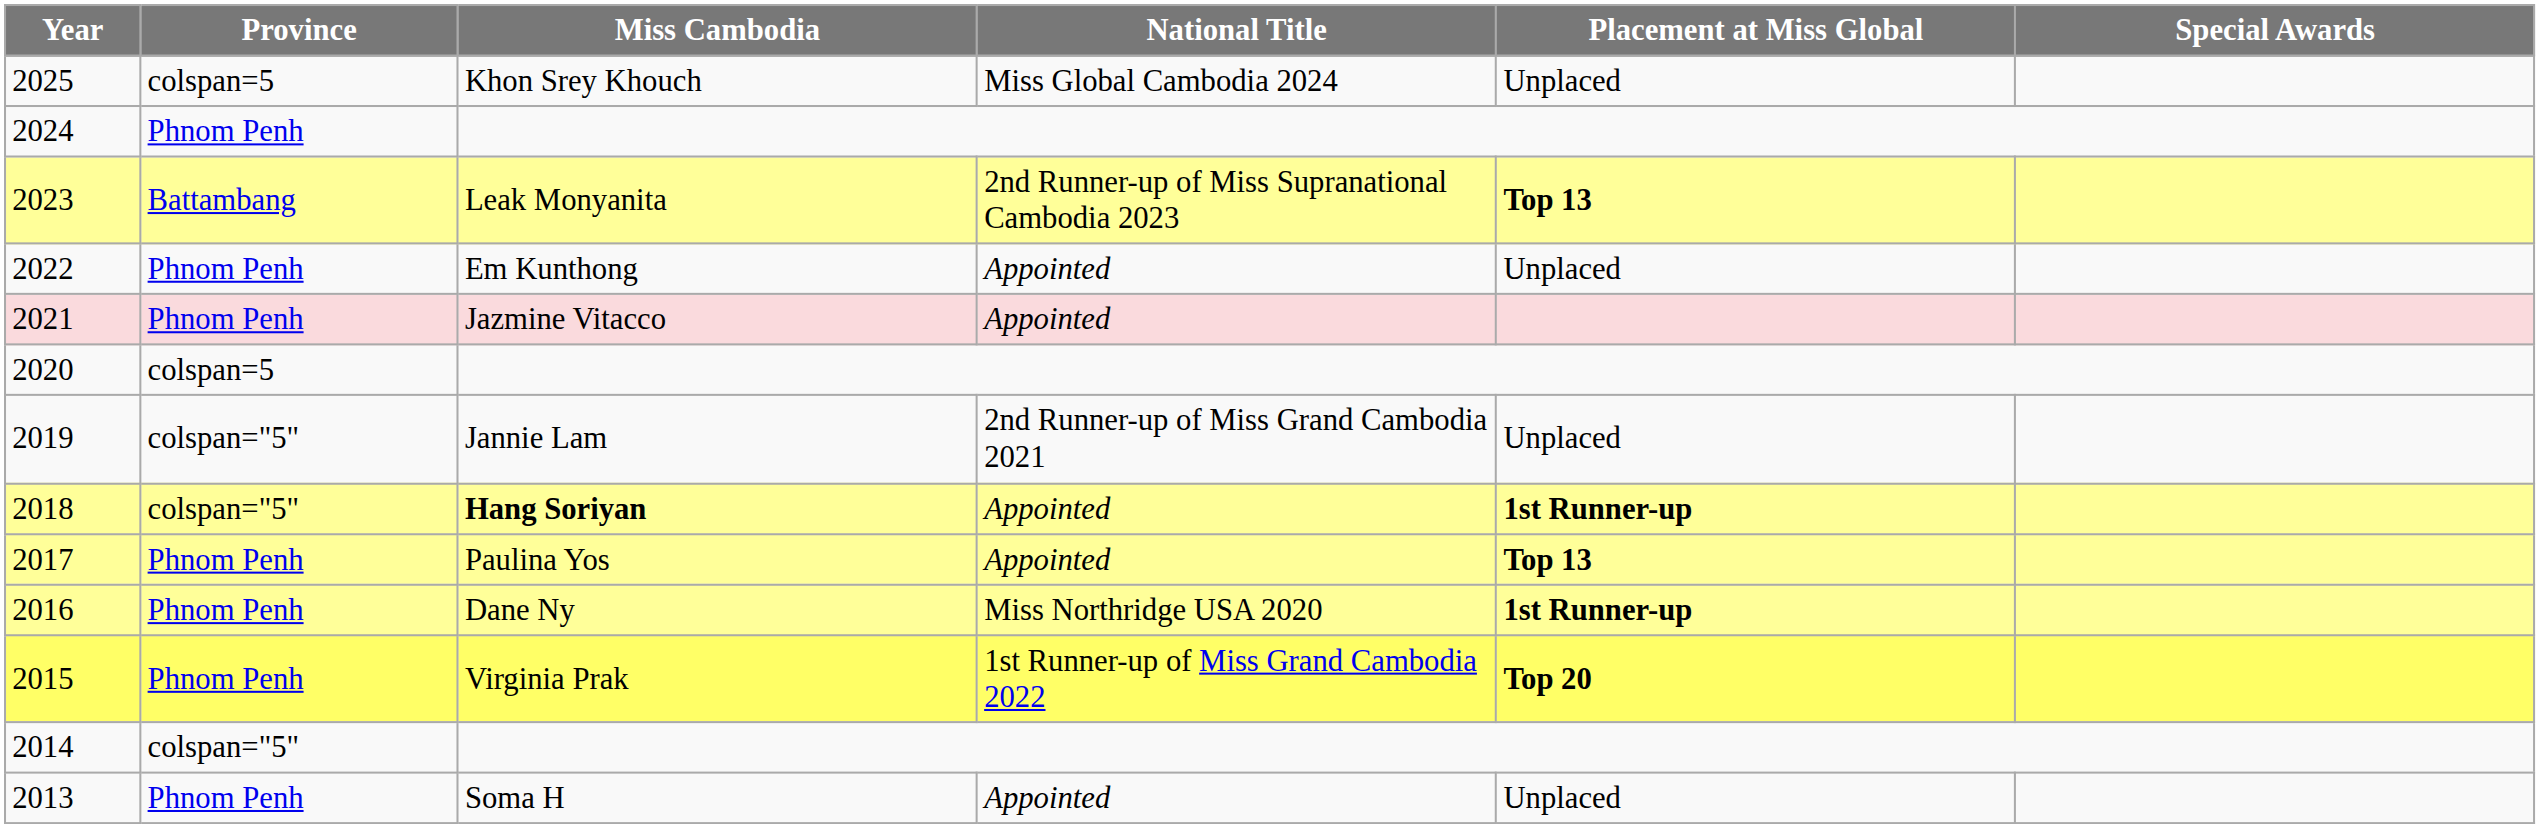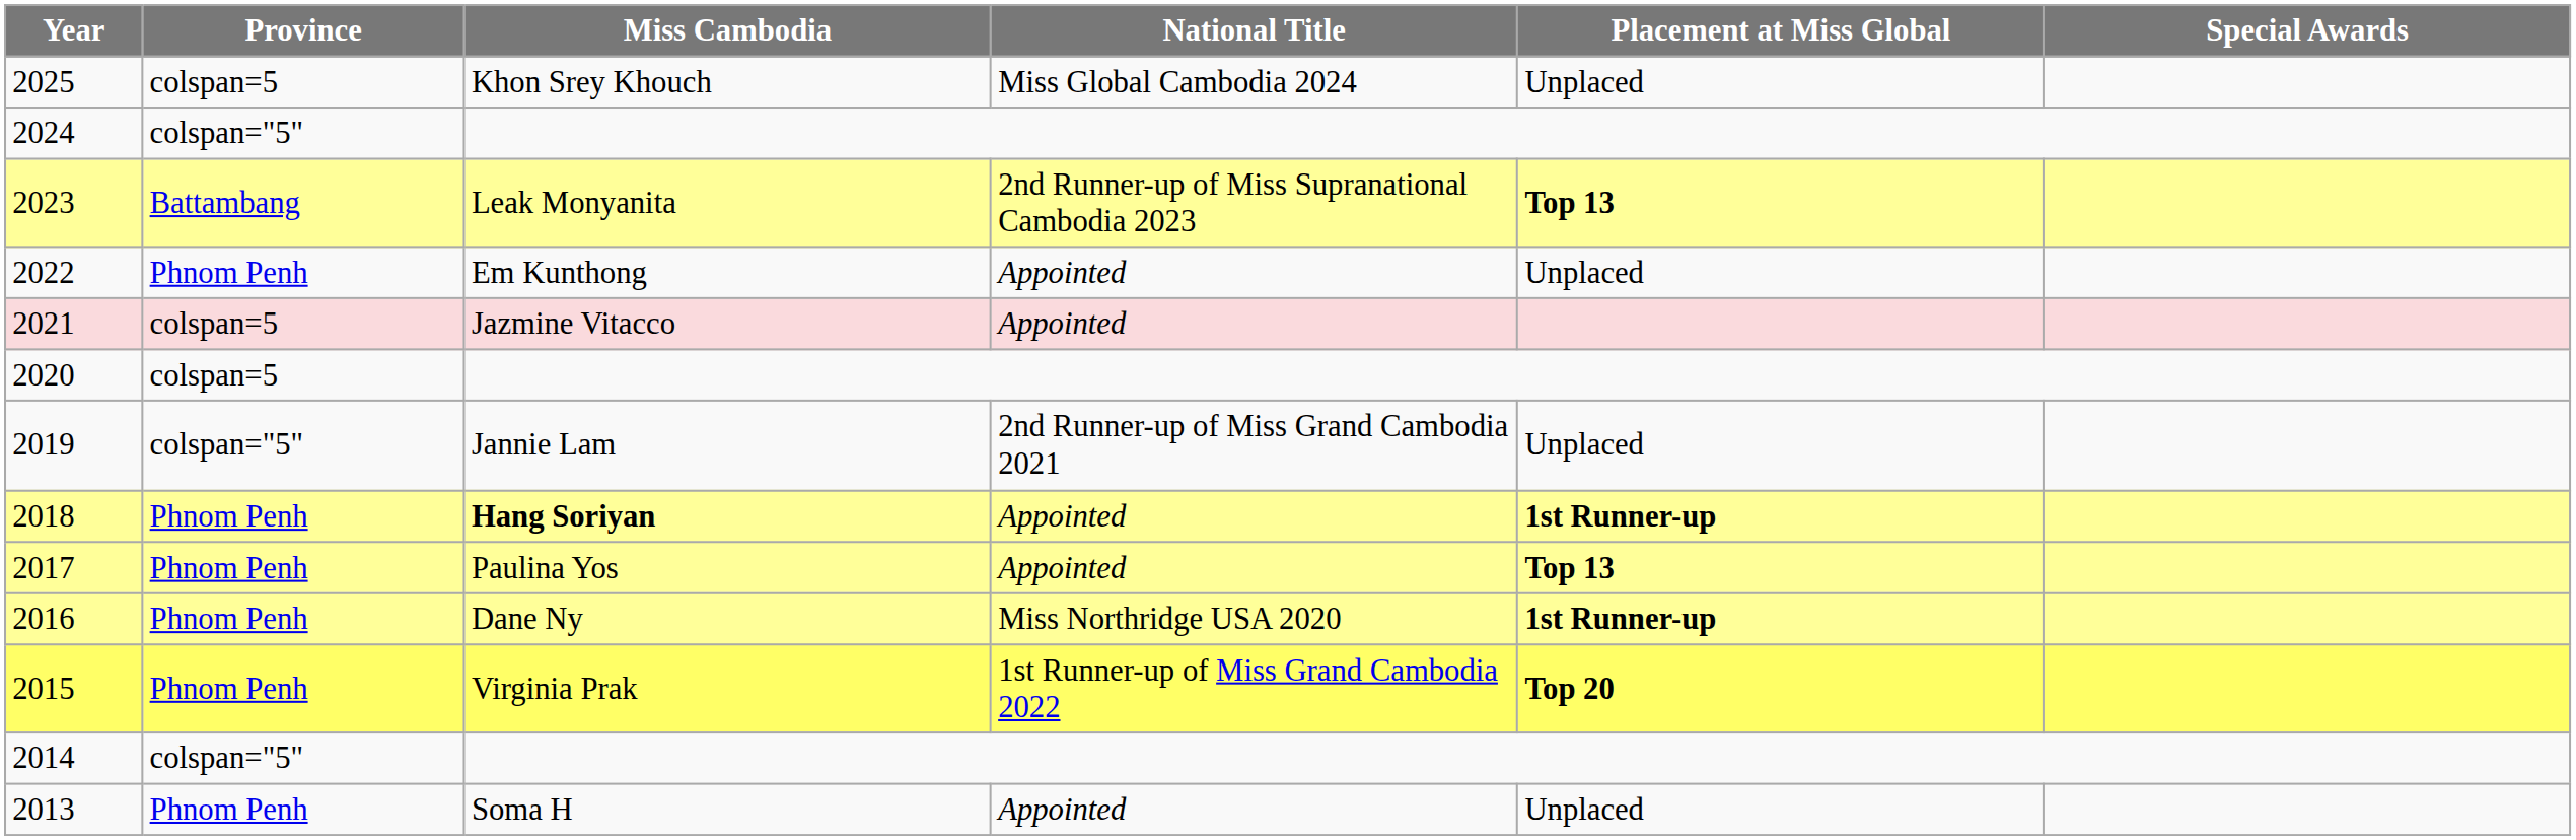 <table class="wikitable " style="font-size: 95%;">
 <tr>
 <th width="60" style="background-color:#787878;color:#FFFFFF;">Year</th>
 <th width="150" style="background-color:#787878;color:#FFFFFF;">Province</th>
 <th width="250" style="background-color:#787878;color:#FFFFFF;">Miss Cambodia</th>
 <th width="250" style="background-color:#787878;color:#FFFFFF;">National Title</th>
 <th width="250" style="background-color:#787878;color:#FFFFFF;">Placement at Miss Global</th>
 <th width="250" style="background-color:#787878;color:#FFFFFF;">Special Awards</th>
 </tr>
 <tr>
 <td>2025</td>
 <td>colspan=5 </td>
 <td>Khon Srey Khouch</td>
 <td>Miss Global Cambodia 2024</td>
 <td>Unplaced</td>
 <td></td>
 </tr>
 <tr>
 <td>2024</td>
-<td><a href='#'>Phnom Penh</a></td>
+<td>colspan="5" </td>
 </tr>
 <tr style="background-color:#FFFF99; ">
 <td>2023</td>
 <td><a href='#'>Battambang</a></td>
 <td>Leak Monyanita</td>
 <td>2nd Runner-up of Miss Supranational Cambodia 2023</td>
 <td><strong>Top 13</strong></td>
 <td></td>
 </tr>
 <tr>
 <td>2022</td>
 <td><a href='#'>Phnom Penh</a></td>
 <td>Em Kunthong</td>
 <td><em>Appointed</em></td>
 <td>Unplaced</td>
 <td></td>
 </tr>
 <tr style="background-color:#FADADD">
 <td>2021</td>
-<td><a href='#'>Phnom Penh</a></td>
+<td>colspan=5 </td>
 <td>Jazmine Vitacco</td>
 <td><em>Appointed</em></td>
 <td></td>
 <td style="background:;"></td>
 </tr>
 <tr>
 <td>2020</td>
 <td>colspan=5 </td>
 </tr>
 <tr>
 <td>2019</td>
 <td>colspan="5" </td>
 <td>Jannie Lam</td>
 <td>2nd Runner-up of Miss Grand Cambodia 2021</td>
 <td>Unplaced</td>
 <td></td>
 </tr>
 <tr style="background-color:#FFFF99; ">
 <td>2018</td>
-<td>colspan="5" </td>
+<td><a href='#'>Phnom Penh</a></td>
 <td><strong>Hang Soriyan</strong></td>
 <td><em>Appointed</em></td>
 <td><strong>1st Runner-up</strong></td>
 <td style="background:;"></td>
 </tr>
 <tr style="background-color:#FFFF99; ">
 <td>2017</td>
 <td><a href='#'>Phnom Penh</a></td>
 <td>Paulina Yos</td>
 <td><em>Appointed</em></td>
 <td><strong>Top 13</strong></td>
 <td style="background:;"></td>
 </tr>
 <tr style="background-color:#FFFF99; ">
 <td>2016</td>
 <td><a href='#'>Phnom Penh</a></td>
 <td>Dane Ny</td>
 <td>Miss Northridge USA 2020</td>
 <td><strong>1st Runner-up</strong></td>
 <td></td>
 </tr>
 <tr style="background-color:#FFFF66; ">
 <td>2015</td>
 <td><a href='#'>Phnom Penh</a></td>
 <td>Virginia Prak</td>
 <td>1st Runner-up of <a href='#'>Miss Grand Cambodia 2022</a></td>
 <td><strong>Top 20</strong></td>
 <td></td>
 </tr>
 <tr>
 <td>2014</td>
 <td>colspan="5" </td>
 </tr>
 <tr>
 <td>2013</td>
 <td><a href='#'>Phnom Penh</a></td>
 <td>Soma H</td>
 <td><em>Appointed</em></td>
 <td>Unplaced</td>
 <td></td>
 </tr>
 </table>
